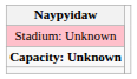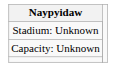 <table class="wikitable" style="text-align:center; margin:1em auto;">
 <tr>
 <th colspan="2">Naypyidaw</th>
 <td rowspan=4></td>
 </tr>
 <tr>
-<td style="background: pink;">Stadium: Unknown</td>
+<td>Stadium: Unknown</td>
 </tr>
 <tr>
-<td><strong>Capacity: Unknown</strong></td>
+<td>Capacity: Unknown</td>
 </tr>
 <tr>
 <td></td>
 </tr>
 </table>
